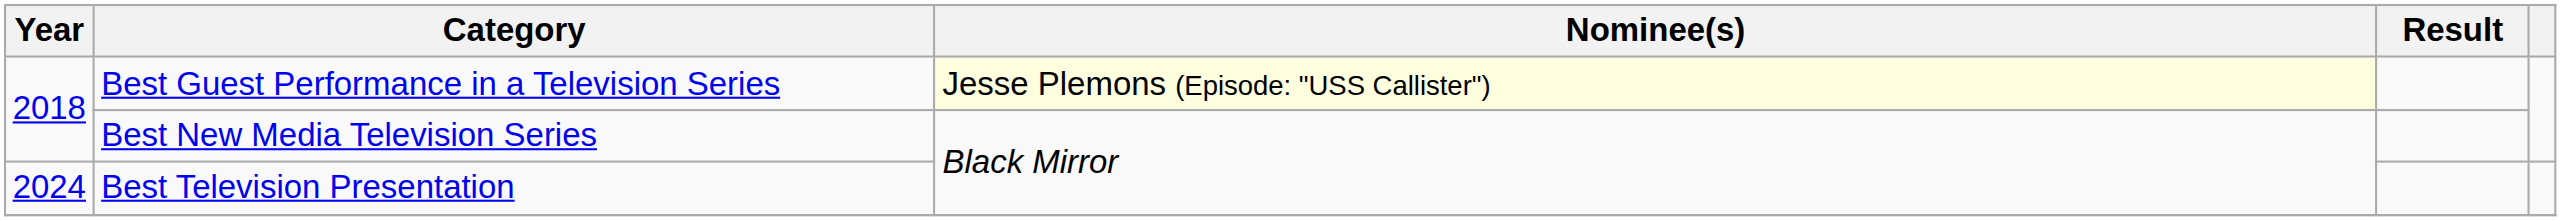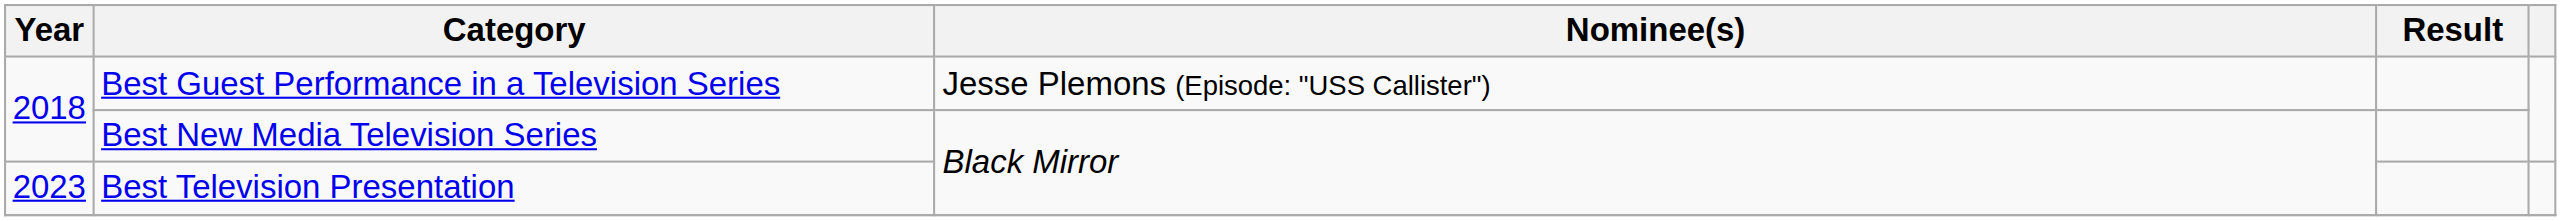 <table class="wikitable sortable" style="width:98%; summary:Black Mirror won zero of three awards.">
 <tr>
 <th scope="col" style="width:3%;">Year</th>
 <th scope="col" style="width:33%;">Category</th>
 <th>Nominee(s)</th>
 <th scope="col" style="width:6%;">Result</th>
 <th scope="col" class="unsortable" style="width:1%;"></th>
 </tr>
 <tr>
 <td rowspan="2" style="text-align: center;"><a href='#'>2018</a></td>
 <td><a href='#'>Best Guest Performance in a Television Series</a></td>
-<td style="background: lightyellow;">Jesse Plemons <small>(Episode: "USS Callister")</small></td>
+<td>Jesse Plemons <small>(Episode: "USS Callister")</small></td>
 <td></td>
 <td rowspan="2" align="center"></td>
 </tr>
 <tr>
 <td><a href='#'>Best New Media Television Series</a></td>
 <td rowspan="2"><em>Black Mirror</em></td>
 <td></td>
 </tr>
 <tr>
-<td align="center"><a href='#'>2024</a></td>
+<td align="center"><a href='#'>2023</a></td>
 <td><a href='#'>Best Television Presentation</a></td>
 <td></td>
 <td align="center"></td>
 </tr>
 <tr>
 </tr>
 </table>
